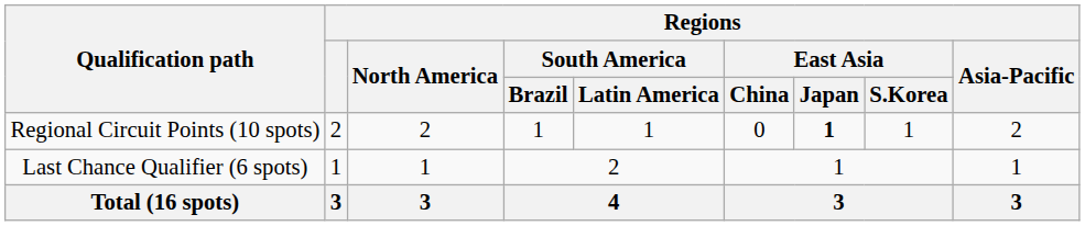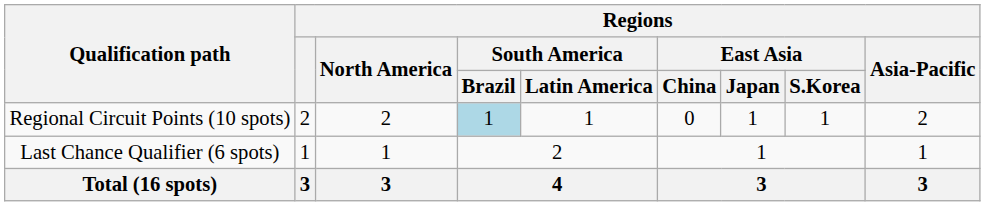 <table class="wikitable" style="text-align:center">
 <tr>
 <th rowspan="3">Qualification path</th>
 <th colspan="8">Regions</th>
 </tr>
 <tr>
 <th rowspan="2"></th>
 <th rowspan="2">North America</th>
 <th colspan="2">South America</th>
 <th colspan="3">East Asia</th>
 <th rowspan="2">Asia-Pacific</th>
 </tr>
 <tr>
 <th>Brazil</th>
 <th>Latin America</th>
 <th>China</th>
 <th>Japan</th>
 <th>S.Korea</th>
 </tr>
 <tr>
 <td style="text-align:center">Regional Circuit Points (10 spots)</td>
 <td>2</td>
 <td>2</td>
-<td>1</td>
+<td style="background: lightblue;">1</td>
 <td>1</td>
 <td>0</td>
-<td><strong>1</strong></td>
+<td>1</td>
 <td>1</td>
 <td>2</td>
 </tr>
 <tr>
 <td style="text-align:center">Last Chance Qualifier (6 spots)</td>
 <td>1</td>
 <td>1</td>
 <td colspan="2">2</td>
 <td colspan="3">1</td>
 <td>1</td>
 </tr>
 <tr>
 <th style="text-align:center">Total (16 spots)</th>
 <th>3</th>
 <th>3</th>
 <th colspan="2">4</th>
 <th colspan="3">3</th>
 <th>3</th>
 </tr>
 </table>
